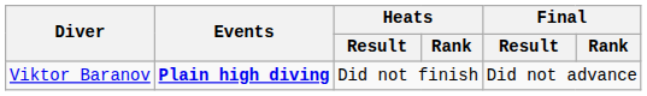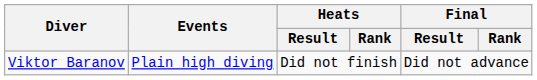 <table class=wikitable style="font-size:90%">
 <tr>
 <th rowspan="2">Diver</th>
 <th rowspan="2">Events</th>
 <th colspan="2">Heats</th>
 <th colspan="2">Final</th>
 </tr>
 <tr>
 <th>Result</th>
 <th>Rank</th>
 <th>Result</th>
 <th>Rank</th>
 </tr>
 <tr>
 <td><a href='#'>Viktor Baranov</a></td>
-<td><strong><a href='#'>Plain high diving</a></strong></td>
+<td><a href='#'>Plain high diving</a></td>
 <td align=center colspan=2>Did not finish</td>
 <td align=center colspan=2>Did not advance</td>
 </tr>
 </table>
